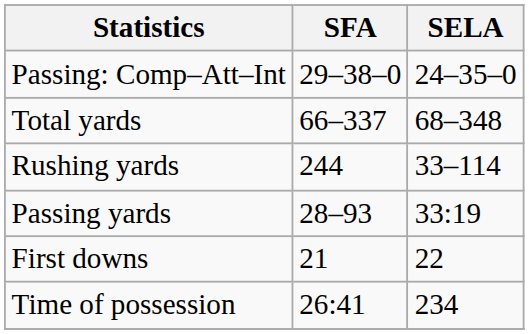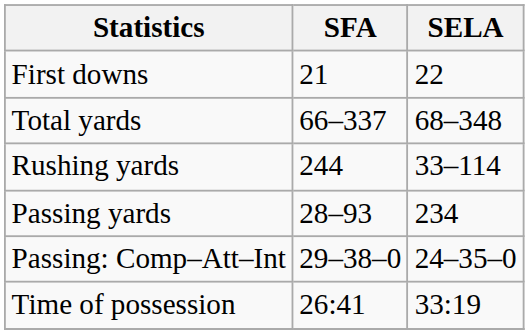 <table class="wikitable" style="float: left;">
 <tr>
 <th>Statistics</th>
 <th>SFA</th>
 <th>SELA</th>
 </tr>
 <tr>
-<td>Passing: Comp–Att–Int</td>
-<td>29–38–0</td>
-<td>24–35–0</td>
+<td>First downs</td>
+<td>21</td>
+<td>22</td>
 </tr>
 <tr>
 <td>Total yards</td>
 <td>66–337</td>
 <td>68–348</td>
 </tr>
 <tr>
 <td>Rushing yards</td>
 <td>244</td>
 <td>33–114</td>
 </tr>
 <tr>
 <td>Passing yards</td>
 <td>28–93</td>
-<td>33:19</td>
+<td>234</td>
 </tr>
 <tr>
-<td>First downs</td>
-<td>21</td>
-<td>22</td>
+<td>Passing: Comp–Att–Int</td>
+<td>29–38–0</td>
+<td>24–35–0</td>
 </tr>
 <tr>
 <td>Time of possession</td>
 <td>26:41</td>
-<td>234</td>
+<td>33:19</td>
 </tr>
 <tr>
 </tr>
 </table>
